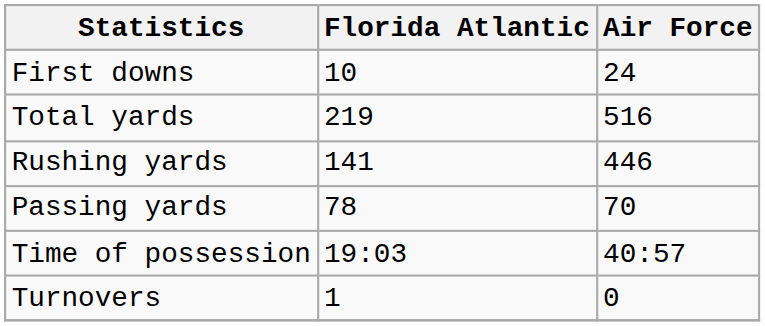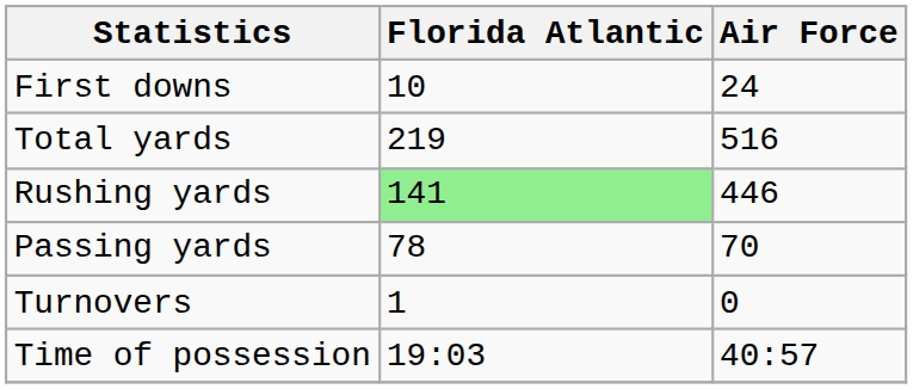 <table class="wikitable">
 <tr>
 <th>Statistics</th>
 <th>Florida Atlantic</th>
 <th>Air Force</th>
 </tr>
 <tr>
 <td>First downs</td>
 <td>10</td>
 <td>24</td>
 </tr>
 <tr>
 <td>Total yards</td>
 <td>219</td>
 <td>516</td>
 </tr>
 <tr>
 <td>Rushing yards</td>
-<td>141</td>
+<td style="background: lightgreen;">141</td>
 <td>446</td>
 </tr>
 <tr>
 <td>Passing yards</td>
 <td>78</td>
 <td>70</td>
 </tr>
 <tr>
+<td>Turnovers</td>
+<td>1</td>
+<td>0</td>
+</tr>
+<tr>
 <td>Time of possession</td>
 <td>19:03</td>
 <td>40:57</td>
 </tr>
 <tr>
-<td>Turnovers</td>
-<td>1</td>
-<td>0</td>
-</tr>
-<tr>
 </tr>
 </table>
